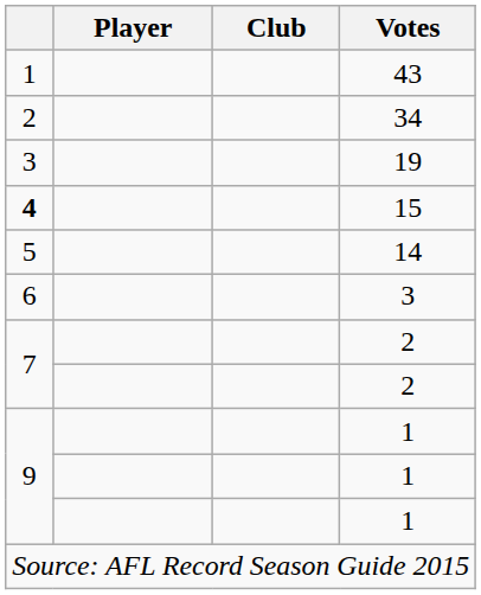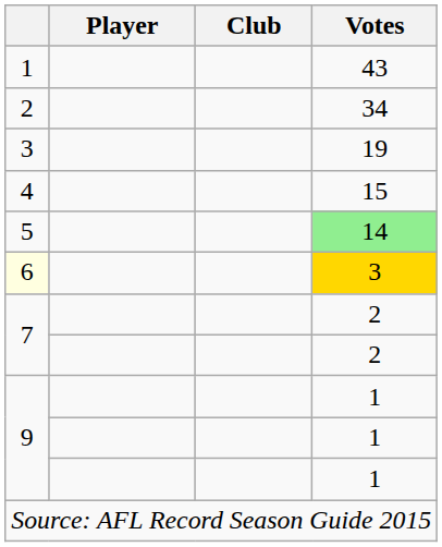 <table class="wikitable sortable" style="text-align:center">
 <tr>
 <th></th>
 <th>Player</th>
 <th>Club</th>
 <th>Votes</th>
 </tr>
 <tr>
 <td>1</td>
 <td></td>
 <td></td>
 <td>43</td>
 </tr>
 <tr>
 <td>2</td>
 <td></td>
 <td></td>
 <td>34</td>
 </tr>
 <tr>
 <td>3</td>
 <td></td>
 <td></td>
 <td>19</td>
 </tr>
 <tr>
-<td><strong>4</strong></td>
+<td>4</td>
 <td></td>
 <td></td>
 <td>15</td>
 </tr>
 <tr>
 <td>5</td>
 <td></td>
 <td></td>
-<td>14</td>
+<td style="background: lightgreen;">14</td>
 </tr>
 <tr>
-<td>6</td>
+<td style="background: lightyellow;">6</td>
 <td></td>
 <td></td>
-<td>3</td>
+<td style="background: gold;">3</td>
 </tr>
 <tr>
 <td rowspan=2>7</td>
 <td></td>
 <td></td>
 <td>2</td>
 </tr>
 <tr>
 <td></td>
 <td></td>
 <td>2</td>
 </tr>
 <tr>
 <td rowspan=3>9</td>
 <td></td>
 <td></td>
 <td>1</td>
 </tr>
 <tr>
 <td></td>
 <td></td>
 <td>1</td>
 </tr>
 <tr>
 <td></td>
 <td></td>
 <td>1</td>
 </tr>
 <tr class="sortbottom">
 <td colspan=4><em>Source: AFL Record Season Guide 2015</em></td>
 </tr>
 </table>
